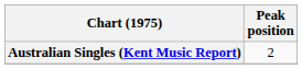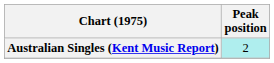 <table class="wikitable sortable plainrowheaders" style="text-align:center">
 <tr>
 <th>Chart (1975)</th>
 <th>Peak<br>position</th>
 </tr>
 <tr>
 <th scope="row">Australian Singles (<a href='#'>Kent Music Report</a>)</th>
-<td align="center">2</td>
+<td align="center" style="background: paleturquoise;">2</td>
 </tr>
 <tr>
 </tr>
 <tr>
 </tr>
 <tr>
 </tr>
 <tr>
 </tr>
 <tr>
 </tr>
 <tr>
 </tr>
 <tr>
 </tr>
 <tr>
 </tr>
 </table>
